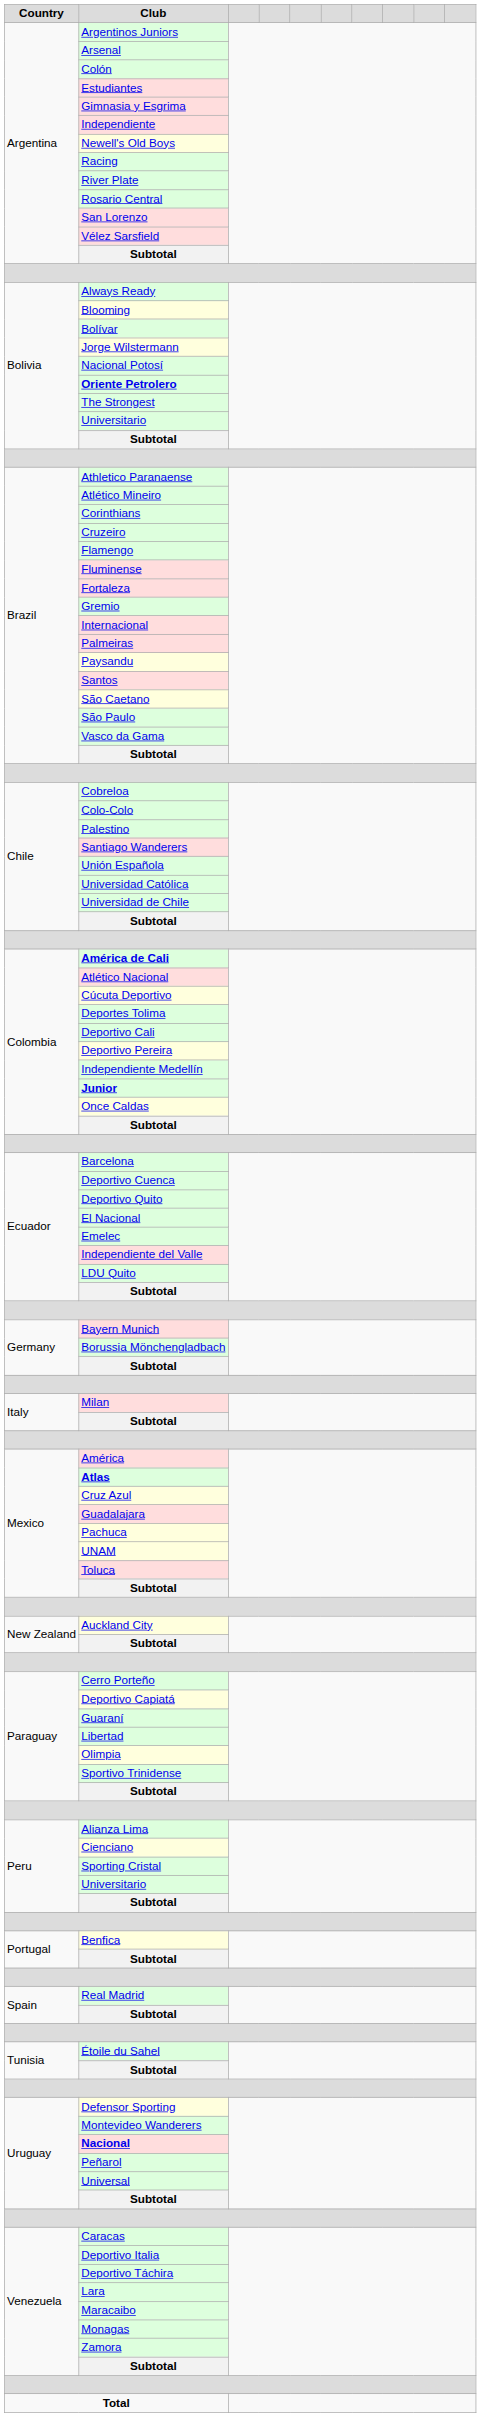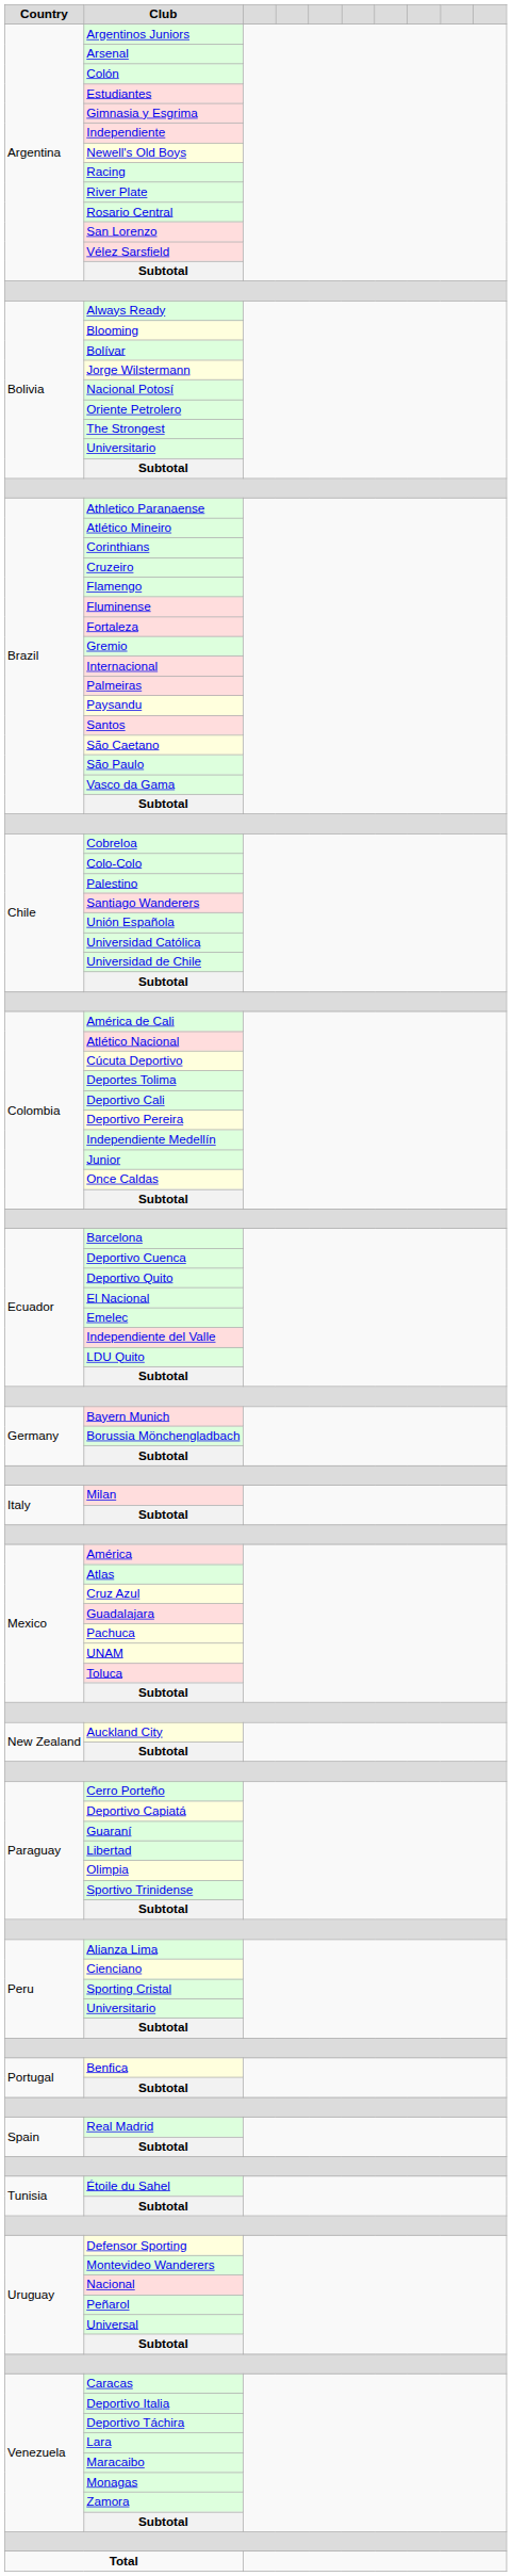 <table class="wikitable" style="text-align: center;">
 <tr>
 <th style="background:#DCDCDC">Country</th>
 <th style="background:#DCDCDC">Club</th>
 <th width="35" style="background:#DCDCDC"></th>
 <th width="35" style="background:#DCDCDC"></th>
 <th width="35" style="background:#DCDCDC"></th>
 <th width="35" style="background:#DCDCDC"></th>
 <th width="35" style="background:#DCDCDC"></th>
 <th width="35" style="background:#DCDCDC"></th>
 <th width="35" style="background:#DCDCDC"></th>
 <th width="35" style="background:#DCDCDC"></th>
 </tr>
 <tr>
 <td rowspan=13 align=left> Argentina</td>
 <td style="background:#DFD;" align=left><a href='#'>Argentinos Juniors</a><br></td>
 </tr>
 <tr>
 <td style="background:#DFD;" align=left><a href='#'>Arsenal</a><br></td>
 </tr>
 <tr>
 <td style="background:#DFD;" align=left><a href='#'>Colón</a><br></td>
 </tr>
 <tr>
 <td style="background:#FDD;" align=left><a href='#'>Estudiantes</a><br></td>
 </tr>
 <tr>
 <td style="background:#FDD;" align=left><a href='#'>Gimnasia y Esgrima</a><br></td>
 </tr>
 <tr>
 <td style="background:#FDD;" align=left><a href='#'>Independiente</a><br></td>
 </tr>
 <tr>
 <td style="background:#FFD;" align=left><a href='#'>Newell's Old Boys</a><br></td>
 </tr>
 <tr>
 <td style="background:#DFD;" align=left><a href='#'>Racing</a><br></td>
 </tr>
 <tr>
 <td style="background:#DFD;" align=left><a href='#'>River Plate</a><br></td>
 </tr>
 <tr>
 <td style="background:#DFD;" align=left><a href='#'>Rosario Central</a><br></td>
 </tr>
 <tr>
 <td style="background:#FDD;" align=left><a href='#'>San Lorenzo</a><br></td>
 </tr>
 <tr>
 <td style="background:#FDD;" align=left><a href='#'>Vélez Sarsfield</a><br></td>
 </tr>
 <tr>
 <th>Subtotal<br></th>
 </tr>
 <tr>
 <th colspan=10 height="18" style="background:#DCDCDC"></th>
 </tr>
 <tr>
 <td rowspan=9 align=left> Bolivia</td>
 <td style="background:#DFD;" align=left><a href='#'>Always Ready</a><br></td>
 </tr>
 <tr>
 <td style="background:#FFD;" align=left><a href='#'>Blooming</a><br></td>
 </tr>
 <tr>
 <td style="background:#DFD;" align=left><a href='#'>Bolívar</a><br></td>
 </tr>
 <tr>
 <td style="background:#FFD;" align=left><a href='#'>Jorge Wilstermann</a><br></td>
 </tr>
 <tr>
 <td style="background:#DFD;" align=left><a href='#'>Nacional Potosí</a><br></td>
 </tr>
 <tr>
-<td style="background:#DFD;" align=left><strong><a href='#'>Oriente Petrolero</a><br></strong></td>
+<td style="background:#DFD;" align=left><a href='#'>Oriente Petrolero</a><br></td>
 </tr>
 <tr>
 <td style="background:#DFD;" align=left><a href='#'>The Strongest</a><br></td>
 </tr>
 <tr>
 <td style="background:#DFD;" align=left><a href='#'>Universitario</a><br></td>
 </tr>
 <tr>
 <th>Subtotal<br></th>
 </tr>
 <tr>
 <th colspan=10 height="18" style="background:#DCDCDC"></th>
 </tr>
 <tr>
 <td rowspan=16 align=left> Brazil</td>
 <td style="background:#DFD;" align=left><a href='#'>Athletico Paranaense</a><br></td>
 </tr>
 <tr>
 <td style="background:#DFD;" align=left><a href='#'>Atlético Mineiro</a><br></td>
 </tr>
 <tr>
 <td style="background:#DFD;" align=left><a href='#'>Corinthians</a><br></td>
 </tr>
 <tr>
 <td style="background:#DFD;" align=left><a href='#'>Cruzeiro</a><br></td>
 </tr>
 <tr>
 <td style="background:#DFD;" align=left><a href='#'>Flamengo</a><br></td>
 </tr>
 <tr>
 <td style="background:#FDD;" align=left><a href='#'>Fluminense</a><br></td>
 </tr>
 <tr>
 <td style="background:#FDD;" align=left><a href='#'>Fortaleza</a><br></td>
 </tr>
 <tr>
 <td style="background:#DFD;" align=left><a href='#'>Gremio</a><br></td>
 </tr>
 <tr>
 <td style="background:#FDD;" align=left><a href='#'>Internacional</a><br></td>
 </tr>
 <tr>
 <td style="background:#FDD;" align=left><a href='#'>Palmeiras</a><br></td>
 </tr>
 <tr>
 <td style="background:#FFD;" align=left><a href='#'>Paysandu</a><br></td>
 </tr>
 <tr>
 <td style="background:#FDD;" align=left><a href='#'>Santos</a><br></td>
 </tr>
 <tr>
 <td style="background:#FFD;" align=left><a href='#'>São Caetano</a><br></td>
 </tr>
 <tr>
 <td style="background:#DFD;" align=left><a href='#'>São Paulo</a><br></td>
 </tr>
 <tr>
 <td style="background:#DFD;" align=left><a href='#'>Vasco da Gama</a><br></td>
 </tr>
 <tr>
 <th>Subtotal<br></th>
 </tr>
 <tr>
 <th colspan=10 height="18" style="background:#DCDCDC"></th>
 </tr>
 <tr>
 <td rowspan=8 align=left> Chile</td>
 <td style="background:#DFD;" align=left><a href='#'>Cobreloa</a><br></td>
 </tr>
 <tr>
 <td style="background:#DFD;" align=left><a href='#'>Colo-Colo</a><br></td>
 </tr>
 <tr>
 <td style="background:#DFD;" align=left><a href='#'>Palestino</a><br></td>
 </tr>
 <tr>
 <td style="background:#FDD;" align=left><a href='#'>Santiago Wanderers</a><br></td>
 </tr>
 <tr>
 <td style="background:#DFD;" align=left><a href='#'>Unión Española</a><br></td>
 </tr>
 <tr>
 <td style="background:#DFD;" align=left><a href='#'>Universidad Católica</a><br></td>
 </tr>
 <tr>
 <td style="background:#DFD;" align=left><a href='#'>Universidad de Chile</a><br></td>
 </tr>
 <tr>
 <th>Subtotal<br></th>
 </tr>
 <tr>
 <th colspan=10 height="18" style="background:#DCDCDC"></th>
 </tr>
 <tr>
 <td rowspan="10" align="left"> Colombia</td>
-<td style="background:#DFD;" align=left><strong><a href='#'>América de Cali</a><br></strong></td>
+<td style="background:#DFD;" align=left><a href='#'>América de Cali</a><br></td>
 </tr>
 <tr>
 <td style="background:#FDD;" align=left><a href='#'>Atlético Nacional</a><br></td>
 </tr>
 <tr>
 <td style="background:#FFD;" align=left><a href='#'>Cúcuta Deportivo</a><br></td>
 </tr>
 <tr>
 <td style="background:#DFD;" align=left><a href='#'>Deportes Tolima</a><br></td>
 </tr>
 <tr>
 <td style="background:#DFD;" align=left><a href='#'>Deportivo Cali</a><br></td>
 </tr>
 <tr>
 <td style="background:#FFD;" align=left><a href='#'>Deportivo Pereira</a><br></td>
 </tr>
 <tr>
 <td style="background:#DFD;" align=left><a href='#'>Independiente Medellín</a><br></td>
 </tr>
 <tr>
-<td style="background:#DFD;" align=left><strong><a href='#'>Junior</a><br></strong></td>
+<td style="background:#DFD;" align=left><a href='#'>Junior</a><br></td>
 </tr>
 <tr>
 <td style="background:#FFD;" align=left><a href='#'>Once Caldas</a><br></td>
 </tr>
 <tr>
 <th>Subtotal<br></th>
 </tr>
 <tr>
 <th colspan=10 height="18" style="background:#DCDCDC"></th>
 </tr>
 <tr>
 <td rowspan=8 align=left> Ecuador</td>
 <td style="background:#DFD;" align=left><a href='#'>Barcelona</a><br></td>
 </tr>
 <tr>
 <td style="background:#DFD;" align=left><a href='#'>Deportivo Cuenca</a><br></td>
 </tr>
 <tr>
 <td style="background:#DFD;" align=left><a href='#'>Deportivo Quito</a><br></td>
 </tr>
 <tr>
 <td style="background:#DFD;" align=left><a href='#'>El Nacional</a><br></td>
 </tr>
 <tr>
 <td style="background:#DFD;" align=left><a href='#'>Emelec</a><br></td>
 </tr>
 <tr>
 <td style="background:#FDD;" align=left><a href='#'>Independiente del Valle</a><br></td>
 </tr>
 <tr>
 <td style="background:#DFD;" align=left><a href='#'>LDU Quito</a><br></td>
 </tr>
 <tr>
 <th>Subtotal<br></th>
 </tr>
 <tr>
 <th colspan=10 height="18" style="background:#DCDCDC"></th>
 </tr>
 <tr>
 <td rowspan=3 align=left> Germany</td>
 <td style="background:#FDD;" align=left><a href='#'>Bayern Munich</a><br></td>
 </tr>
 <tr>
 <td style="background:#DFD;" align=left><a href='#'>Borussia Mönchengladbach</a><br></td>
 </tr>
 <tr>
 <th>Subtotal<br></th>
 </tr>
 <tr>
 <th colspan=10 height="18" style="background:#DCDCDC"></th>
 </tr>
 <tr>
 <td rowspan=2 align=left> Italy</td>
 <td style="background:#FDD;" align=left><a href='#'>Milan</a><br></td>
 </tr>
 <tr>
 <th>Subtotal<br></th>
 </tr>
 <tr>
 <th colspan=10 height="18" style="background:#DCDCDC"></th>
 </tr>
 <tr>
 <td rowspan=8 align=left> Mexico</td>
 <td style="background:#FDD;" align=left><a href='#'>América</a><br></td>
 </tr>
 <tr>
-<td style="background:#DFD;" align=left><strong><a href='#'>Atlas</a><br></strong></td>
+<td style="background:#DFD;" align=left><a href='#'>Atlas</a><br></td>
 </tr>
 <tr>
 <td style="background:#FFD;" align=left><a href='#'>Cruz Azul</a><br></td>
 </tr>
 <tr>
 <td style="background:#FDD;" align=left><a href='#'>Guadalajara</a><br></td>
 </tr>
 <tr>
 <td style="background:#FFD;" align=left><a href='#'>Pachuca</a><br></td>
 </tr>
 <tr>
 <td style="background:#FFD;" align=left><a href='#'>UNAM</a><br></td>
 </tr>
 <tr>
 <td style="background:#FDD;" align=left><a href='#'>Toluca</a><br></td>
 </tr>
 <tr>
 <th>Subtotal<br></th>
 </tr>
 <tr>
 <th colspan=10 height="18" style="background:#DCDCDC"></th>
 </tr>
 <tr>
 <td rowspan=2 align=left> New Zealand</td>
 <td style="background:#FFD;" align=left><a href='#'>Auckland City</a><br></td>
 </tr>
 <tr>
 <th>Subtotal<br></th>
 </tr>
 <tr>
 <th colspan=10 height="18" style="background:#DCDCDC"></th>
 </tr>
 <tr>
 <td rowspan=7 align=left> Paraguay</td>
 <td style="background:#DFD;" align=left><a href='#'>Cerro Porteño</a><br></td>
 </tr>
 <tr>
 <td style="background:#FFD;" align=left><a href='#'>Deportivo Capiatá</a><br></td>
 </tr>
 <tr>
 <td style="background:#DFD;" align=left><a href='#'>Guaraní</a><br></td>
 </tr>
 <tr>
 <td style="background:#DFD;" align=left><a href='#'>Libertad</a><br></td>
 </tr>
 <tr>
 <td style="background:#FFD;" align=left><a href='#'>Olimpia</a><br></td>
 </tr>
 <tr>
 <td style="background:#DFD;" align=left><a href='#'>Sportivo Trinidense</a><br></td>
 </tr>
 <tr>
 <th>Subtotal<br></th>
 </tr>
 <tr>
 <th colspan=10 height="18" style="background:#DCDCDC"></th>
 </tr>
 <tr>
 <td rowspan=5 align=left> Peru</td>
 <td style="background:#DFD;" align=left><a href='#'>Alianza Lima</a><br></td>
 </tr>
 <tr>
 <td style="background:#FFD;" align=left><a href='#'>Cienciano</a><br></td>
 </tr>
 <tr>
 <td style="background:#DFD;" align=left><a href='#'>Sporting Cristal</a><br></td>
 </tr>
 <tr>
 <td style="background:#DFD;" align=left><a href='#'>Universitario</a><br></td>
 </tr>
 <tr>
 <th>Subtotal<br></th>
 </tr>
 <tr>
 <th colspan=10 height="18" style="background:#DCDCDC"></th>
 </tr>
 <tr>
 <td rowspan=2 align=left> Portugal</td>
 <td style="background:#FFD;" align=left><a href='#'>Benfica</a><br></td>
 </tr>
 <tr>
 <th>Subtotal<br></th>
 </tr>
 <tr>
 <th colspan=10 height="18" style="background:#DCDCDC"></th>
 </tr>
 <tr>
 <td rowspan=2 align=left> Spain</td>
 <td style="background:#DFD;" align=left><a href='#'>Real Madrid</a><br></td>
 </tr>
 <tr>
 <th>Subtotal<br></th>
 </tr>
 <tr>
 <th colspan=10 height="18" style="background:#DCDCDC"></th>
 </tr>
 <tr>
 <td rowspan=2 align=left> Tunisia</td>
 <td style="background:#DFD;" align=left><a href='#'>Étoile du Sahel</a><br></td>
 </tr>
 <tr>
 <th>Subtotal<br></th>
 </tr>
 <tr>
 <th colspan=10 height="18" style="background:#DCDCDC"></th>
 </tr>
 <tr>
 <td rowspan=6 align=left> Uruguay</td>
 <td style="background:#FFD;" align=left><a href='#'>Defensor Sporting</a><br></td>
 </tr>
 <tr>
 <td style="background:#DFD;" align=left><a href='#'>Montevideo Wanderers</a><br></td>
 </tr>
 <tr>
-<td style="background:#FDD;" align=left><strong><a href='#'>Nacional</a><br></strong></td>
+<td style="background:#FDD;" align=left><a href='#'>Nacional</a><br></td>
 </tr>
 <tr>
 <td style="background:#DFD;" align=left><a href='#'>Peñarol</a><br></td>
 </tr>
 <tr>
 <td style="background:#DFD;" align=left><a href='#'>Universal</a><br></td>
 </tr>
 <tr>
 <th>Subtotal<br></th>
 </tr>
 <tr>
 <th colspan=10 height="18" style="background:#DCDCDC"></th>
 </tr>
 <tr>
 <td rowspan="8" align="left"> Venezuela</td>
 <td style="background:#DFD;" align=left><a href='#'>Caracas</a><br></td>
 </tr>
 <tr>
 <td style="background:#DFD;" align=left><a href='#'>Deportivo Italia</a><br></td>
 </tr>
 <tr>
 <td style="background:#DFD;" align=left><a href='#'>Deportivo Táchira</a><br></td>
 </tr>
 <tr>
 <td style="background:#DFD;" align=left><a href='#'>Lara</a><br></td>
 </tr>
 <tr>
 <td style="background:#DFD;" align=left><a href='#'>Maracaibo</a><br></td>
 </tr>
 <tr>
 <td style="background:#DFD;" align=left><a href='#'>Monagas</a><br></td>
 </tr>
 <tr>
 <td style="background:#DFD;" align=left><a href='#'>Zamora</a><br></td>
 </tr>
 <tr>
 <th>Subtotal<br></th>
 </tr>
 <tr>
 <th colspan=10 height="18" style="background:#DCDCDC"></th>
 </tr>
 <tr>
 <td colspan=2 align-"center"><strong>Total</strong><br></td>
 </tr>
 </table>
